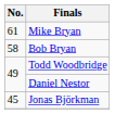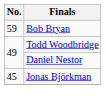 <table class="wikitable" style="display: inline-table;">
 <tr>
 <th width=20>No.</th>
 <th>Finals</th>
 </tr>
 <tr>
-<td>61</td>
-<td> <a href='#'>Mike Bryan</a></td>
-</tr>
-<tr>
-<td>58</td>
+<td>59</td>
 <td> <a href='#'>Bob Bryan</a></td>
 </tr>
 <tr>
 <td rowspan="2">49</td>
 <td> <a href='#'>Todd Woodbridge</a></td>
 </tr>
 <tr>
 <td> <a href='#'>Daniel Nestor</a></td>
 </tr>
 <tr>
 <td>45</td>
 <td> <a href='#'>Jonas Björkman</a></td>
 </tr>
 <tr>
 </tr>
 </table>
